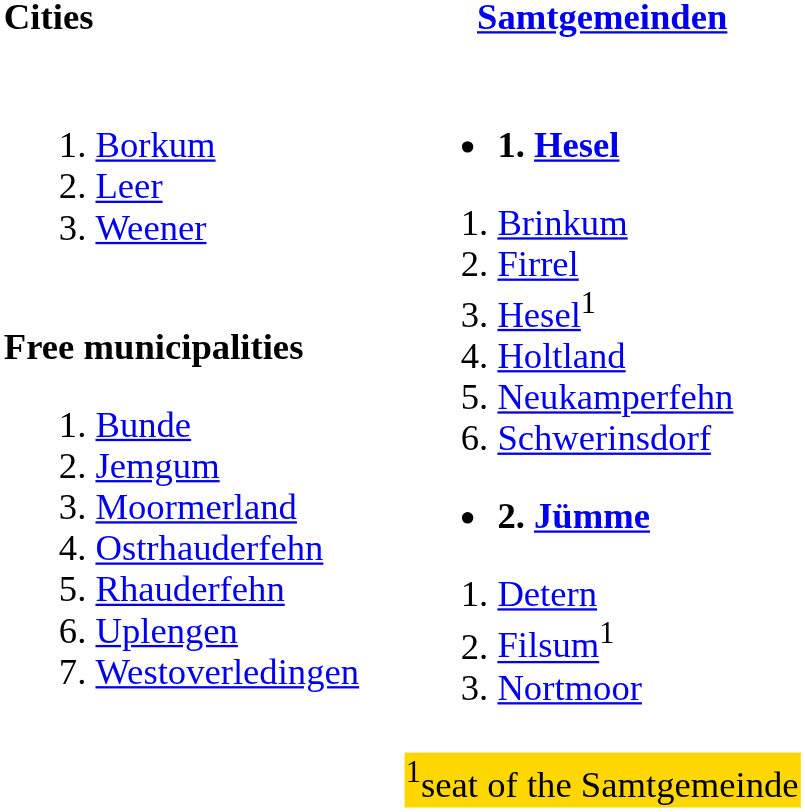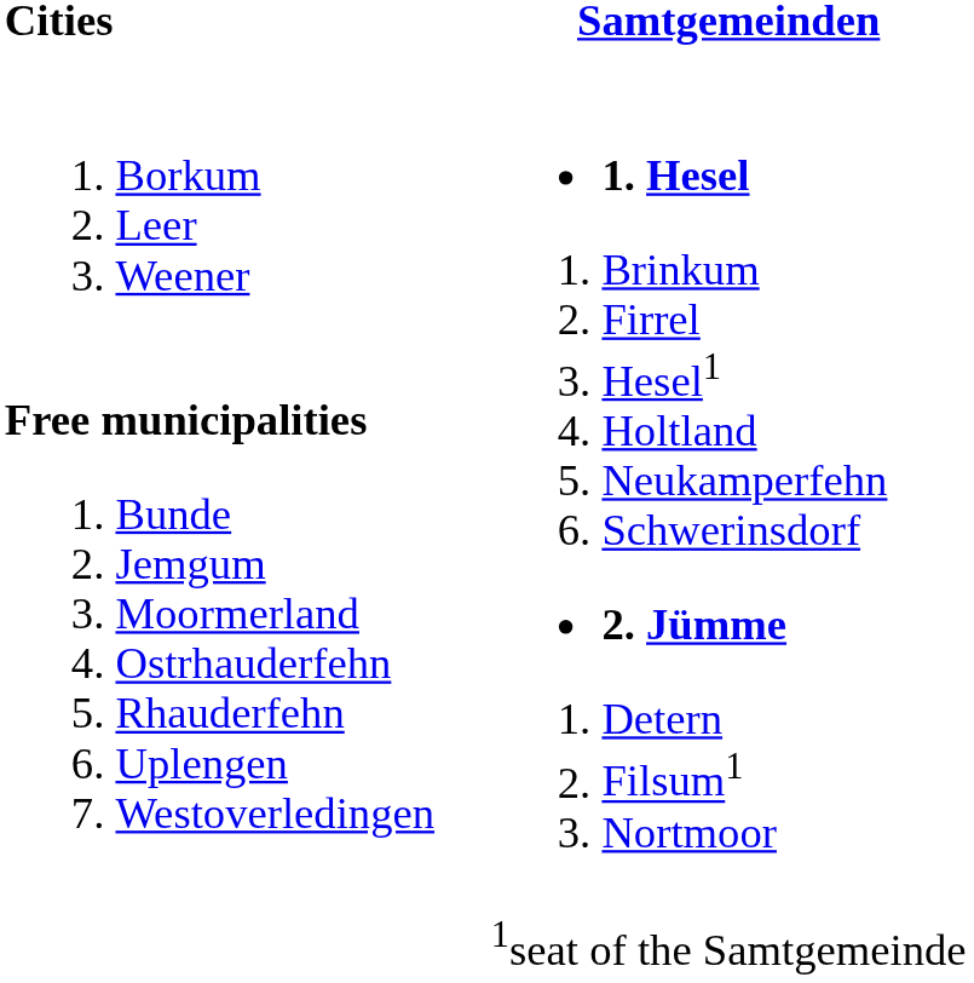 <table>
 <tr>
 <th align=left width=50%>Cities</th>
 <th align=center width=50%><a href='#'>Samtgemeinden</a></th>
 </tr>
 <tr valign=top>
 <td><br><ol><li><a href='#'>Borkum</a></li><li><a href='#'>Leer</a></li><li><a href='#'>Weener</a></li></ol><br> <strong>Free municipalities</strong><ol><li><a href='#'>Bunde</a></li><li><a href='#'>Jemgum</a></li><li><a href='#'>Moormerland</a></li><li><a href='#'>Ostrhauderfehn</a></li><li><a href='#'>Rhauderfehn</a></li><li><a href='#'>Uplengen</a></li><li><a href='#'>Westoverledingen</a></li></ol></td>
 <td><br><ul><li><strong>1. <a href='#'>Hesel</a></strong></li></ul><ol><li><a href='#'>Brinkum</a></li><li><a href='#'>Firrel</a></li><li><a href='#'>Hesel</a><sup>1</sup></li><li><a href='#'>Holtland</a></li><li><a href='#'>Neukamperfehn</a></li><li><a href='#'>Schwerinsdorf</a></li></ol><ul><li><strong>2. <a href='#'>Jümme</a></strong></li></ul><ol><li><a href='#'>Detern</a></li><li><a href='#'>Filsum</a><sup>1</sup></li><li><a href='#'>Nortmoor</a></li></ol></td>
 </tr>
 <tr>
 <td></td>
-<td align=center style="background: gold;"><sup>1</sup>seat of the Samtgemeinde</td>
+<td align=center><sup>1</sup>seat of the Samtgemeinde</td>
 </tr>
 </table>
